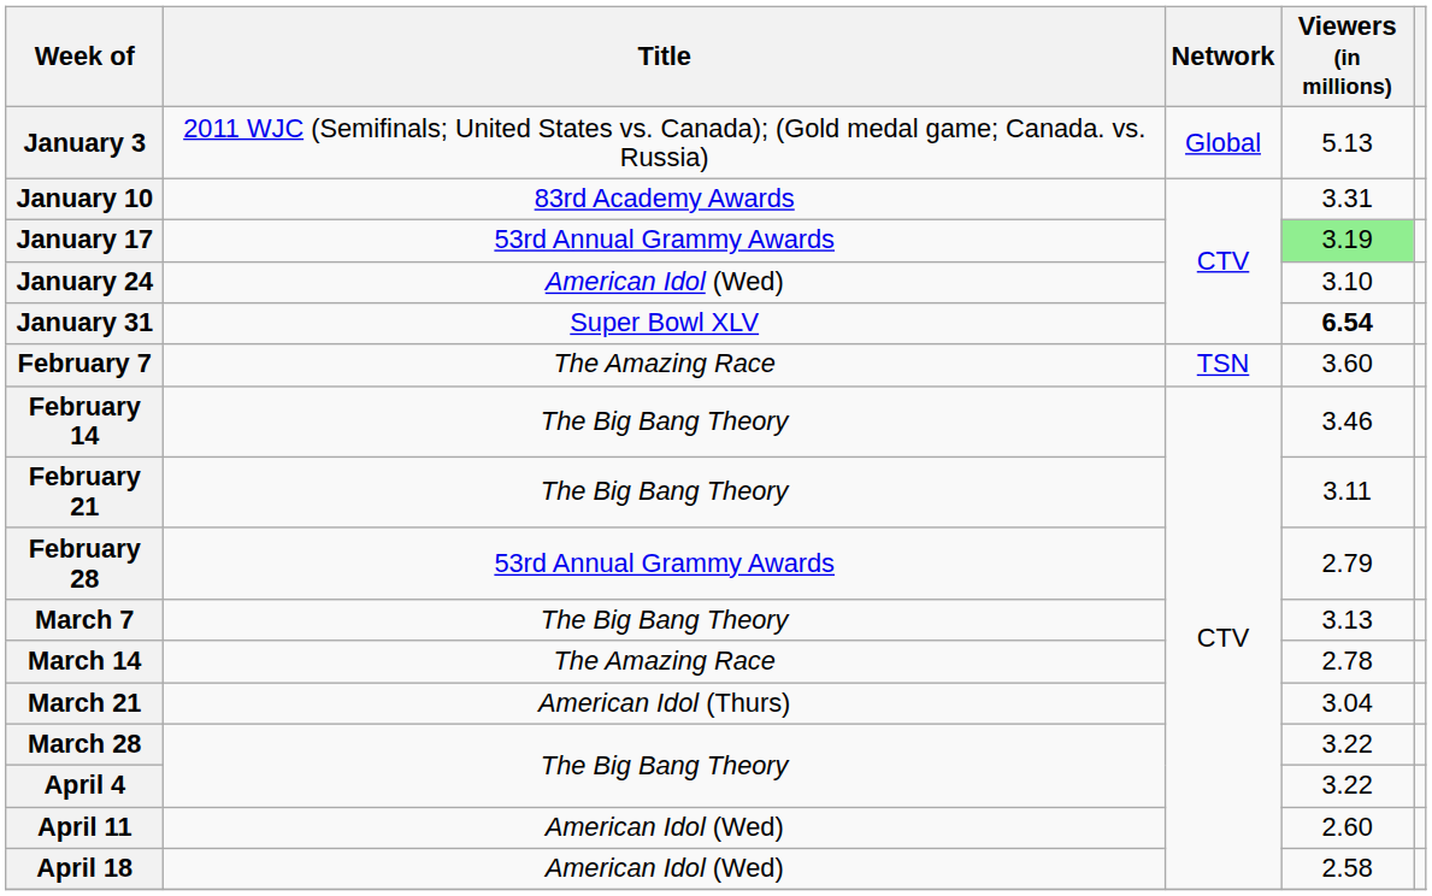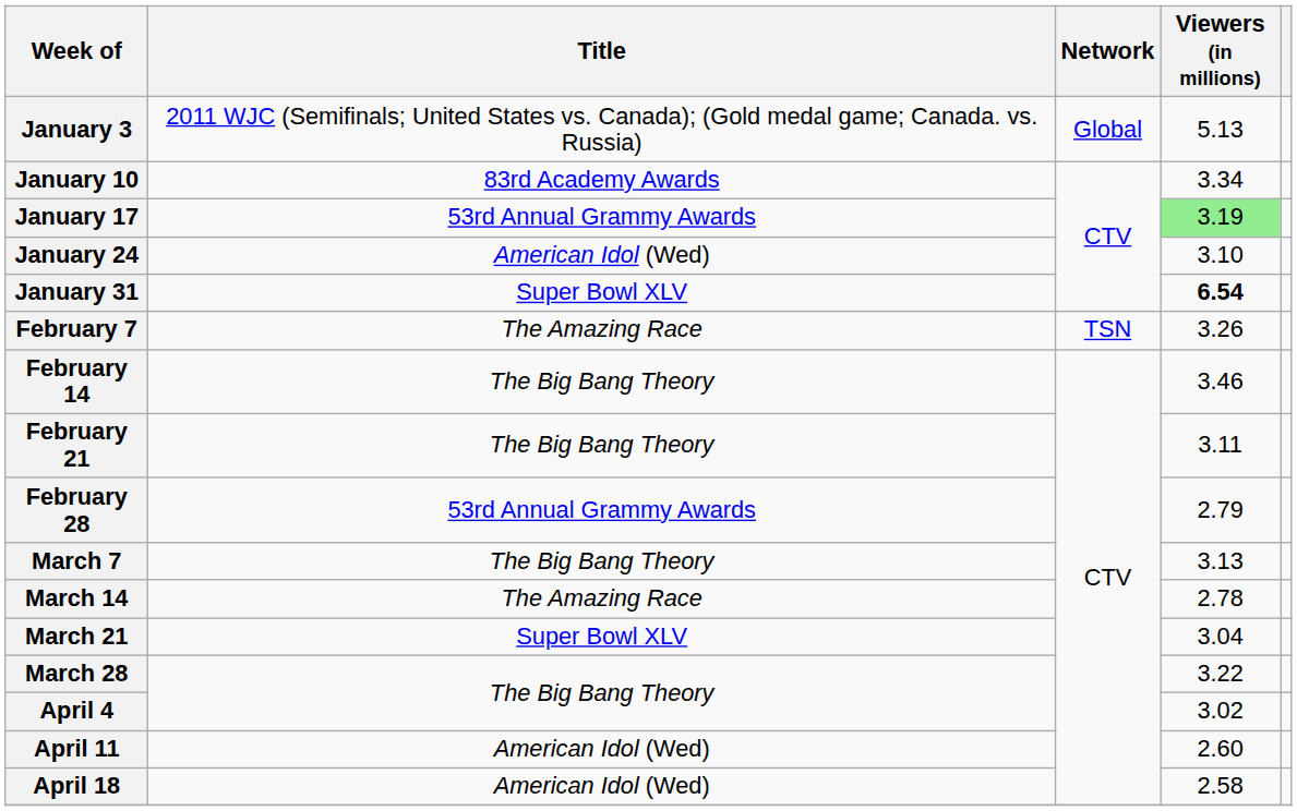 <table class="wikitable plainrowheaders" style="text-align: center; display: inline-table;">
 <tr>
 <th>Week of</th>
 <th>Title</th>
 <th>Network</th>
 <th>Viewers<br><small>(in millions)</small></th>
 <th></th>
 </tr>
 <tr>
 <th scope="row">January 3</th>
 <td><a href='#'>2011 WJC</a> (Semifinals; United States vs. Canada); (Gold medal game; Canada. vs. Russia)</td>
 <td><a href='#'>Global</a></td>
 <td>5.13</td>
 <td></td>
 </tr>
 <tr>
 <th scope="row">January 10</th>
 <td><a href='#'>83rd Academy Awards</a></td>
 <td rowspan="4"><a href='#'>CTV</a></td>
-<td>3.31</td>
+<td>3.34</td>
 <td></td>
 </tr>
 <tr>
 <th scope="row">January 17</th>
 <td><a href='#'>53rd Annual Grammy Awards</a></td>
 <td style="background: lightgreen;">3.19</td>
 <td></td>
 </tr>
 <tr>
 <th scope="row">January 24</th>
 <td><em><a href='#'>American Idol</a></em> (Wed)</td>
 <td>3.10</td>
 <td></td>
 </tr>
 <tr>
 <th scope="row">January 31</th>
 <td><a href='#'>Super Bowl XLV</a></td>
 <td><strong>6.54</strong></td>
 <td></td>
 </tr>
 <tr>
 <th scope="row">February 7</th>
 <td><em>The Amazing Race</em></td>
 <td><a href='#'>TSN</a></td>
-<td>3.60</td>
+<td>3.26</td>
 <td></td>
 </tr>
 <tr>
 <th scope="row">February 14</th>
 <td><em>The Big Bang Theory</em></td>
 <td rowspan="10">CTV</td>
 <td>3.46</td>
 <td></td>
 </tr>
 <tr>
 <th scope="row">February 21</th>
 <td><em>The Big Bang Theory</em></td>
 <td>3.11</td>
 <td></td>
 </tr>
 <tr>
 <th scope="row">February 28</th>
 <td><a href='#'>53rd Annual Grammy Awards</a></td>
 <td>2.79</td>
 <td></td>
 </tr>
 <tr>
 <th scope="row">March 7</th>
 <td><em>The Big Bang Theory</em></td>
 <td>3.13</td>
 <td></td>
 </tr>
 <tr>
 <th scope="row">March 14</th>
 <td><em>The Amazing Race</em></td>
 <td>2.78</td>
 <td></td>
 </tr>
 <tr>
 <th scope="row">March 21</th>
-<td><em>American Idol</em> (Thurs)</td>
+<td><a href='#'>Super Bowl XLV</a></td>
 <td>3.04</td>
 <td></td>
 </tr>
 <tr>
 <th scope="row">March 28</th>
 <td rowspan="2"><em>The Big Bang Theory</em></td>
 <td>3.22</td>
 <td></td>
 </tr>
 <tr>
 <th scope="row">April 4</th>
-<td>3.22</td>
+<td>3.02</td>
 <td></td>
 </tr>
 <tr>
 <th scope="row">April 11</th>
 <td><em>American Idol</em> (Wed)</td>
 <td>2.60</td>
 <td></td>
 </tr>
 <tr>
 <th scope="row">April 18</th>
 <td><em>American Idol</em> (Wed)</td>
 <td>2.58</td>
 <td></td>
 </tr>
 <tr>
 </tr>
 </table>
